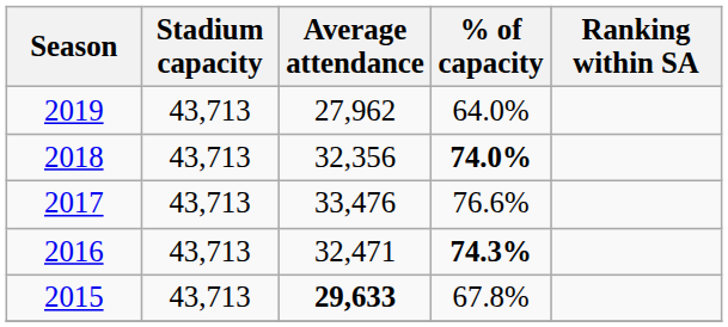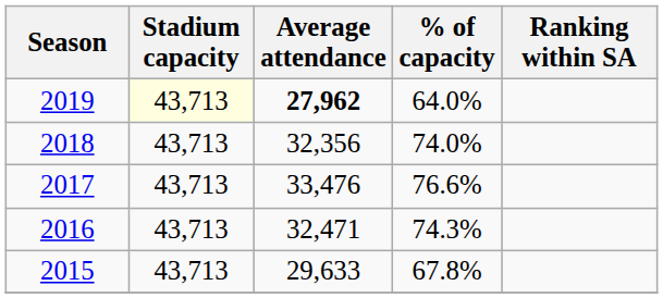 <table class="wikitable" style="text-align:center; margin-left:1em; float:right;">
 <tr>
 <th style="width:65px;">Season</th>
 <th style="width:67px;">Stadium capacity</th>
 <th style="width:75px;">Average attendance</th>
 <th style="width:20px;">% of capacity</th>
 <th style="width:85px;">Ranking within SA</th>
 </tr>
 <tr>
 <td style="text-align:center;"><a href='#'>2019</a></td>
-<td>43,713</td>
-<td>27,962</td>
+<td style="background: lightyellow;">43,713</td>
+<td><strong>27,962</strong></td>
 <td>64.0%</td>
 <td></td>
 </tr>
 <tr>
 <td style="text-align:center;"><a href='#'>2018</a></td>
 <td>43,713</td>
 <td>32,356</td>
-<td><strong>74.0%</strong></td>
+<td>74.0%</td>
 <td></td>
 </tr>
 <tr>
 <td style="text-align:center;"><a href='#'>2017</a></td>
 <td>43,713</td>
 <td>33,476</td>
 <td>76.6%</td>
 <td></td>
 </tr>
 <tr>
 <td style="text-align:center;"><a href='#'>2016</a></td>
 <td>43,713</td>
 <td>32,471</td>
-<td><strong>74.3%</strong></td>
+<td>74.3%</td>
 <td></td>
 </tr>
 <tr>
 <td style="text-align:center;"><a href='#'>2015</a></td>
 <td>43,713</td>
-<td><strong>29,633</strong></td>
+<td>29,633</td>
 <td>67.8%</td>
 <td></td>
 </tr>
 <tr>
 </tr>
 </table>
